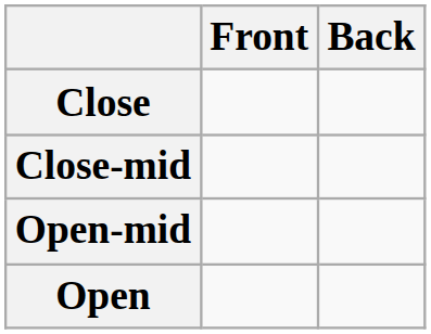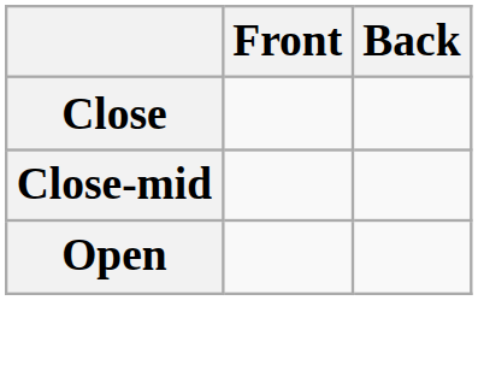 <table class="wikitable">
 <tr>
 <th></th>
 <th>Front</th>
 <th>Back</th>
 </tr>
 <tr>
 <th scope="row">Close</th>
 <td></td>
 <td></td>
 </tr>
 <tr>
 <th scope="row">Close-mid</th>
 <td></td>
 <td></td>
 </tr>
 <tr>
-<th scope="row">Open-mid</th>
-<td></td>
-<td></td>
-</tr>
-<tr>
 <th scope="row">Open</th>
 <td></td>
 </tr>
 </table>
